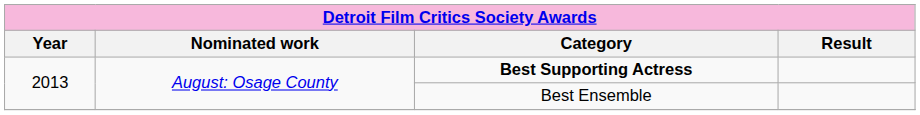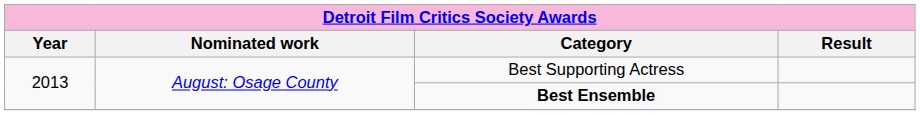 <table width="70%" class="wikitable sortable">
 <tr>
 <th colspan="4" style="background: #F7B8DC;" align="center"><a href='#'>Detroit Film Critics Society Awards</a></th>
 </tr>
 <tr>
 <th width="10%">Year</th>
 <th width="35%">Nominated work</th>
 <th width="40%">Category</th>
 <th width="15%">Result</th>
 </tr>
 <tr>
 <td rowspan=2 align="center">2013</td>
 <td rowspan=2 align="center"><em><a href='#'>August: Osage County</a></em></td>
-<td align="center"><strong>Best Supporting Actress</strong></td>
+<td align="center">Best Supporting Actress</td>
 <td></td>
 </tr>
 <tr>
-<td align="center">Best Ensemble</td>
+<td align="center"><strong>Best Ensemble</strong></td>
 <td></td>
 </tr>
 <tr>
 </tr>
 </table>
